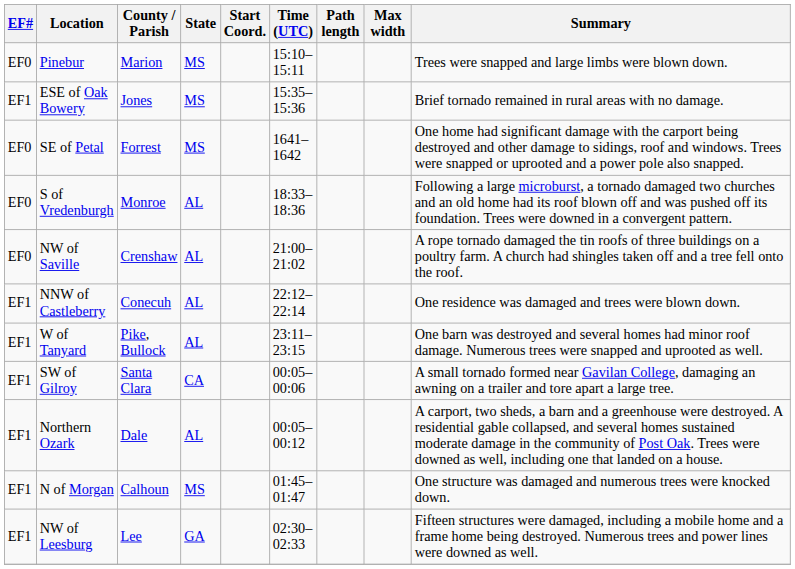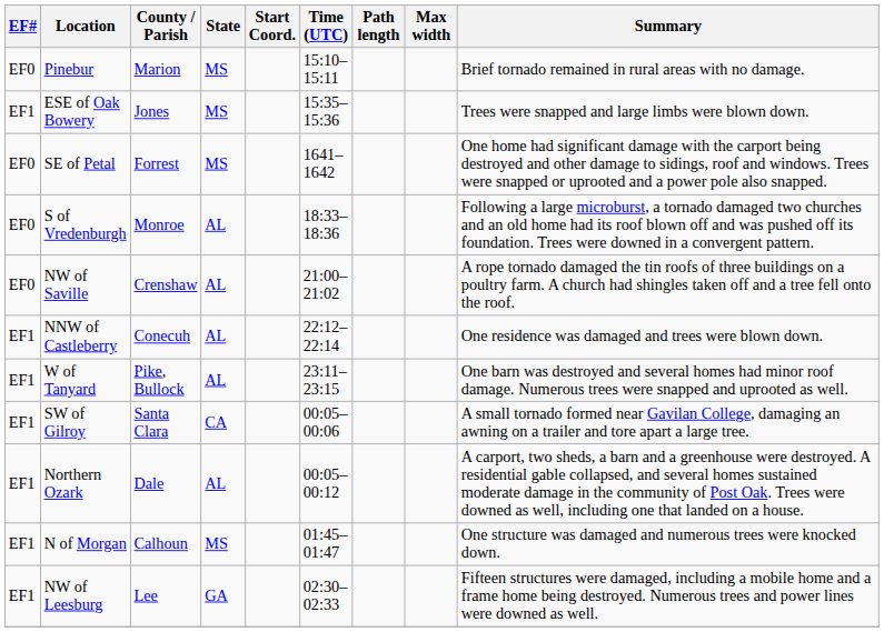 <table class="wikitable sortable" style="width:100%;">
 <tr>
 <th scope="col"  style="width:3%; text-align:center;"><a href='#'>EF#</a></th>
 <th scope="col"  style="width:7%; text-align:center;" class="unsortable">Location</th>
 <th scope="col"  style="width:6%; text-align:center;" class="unsortable">County / Parish</th>
 <th scope="col"  style="width:5%; text-align:center;">State</th>
 <th scope="col"  style="width:6%; text-align:center;">Start Coord.</th>
 <th scope="col"  style="width:6%; text-align:center;">Time (<a href='#'>UTC</a>)</th>
 <th scope="col"  style="width:6%; text-align:center;">Path length</th>
 <th scope="col"  style="width:6%; text-align:center;">Max width</th>
 <th scope="col" class="unsortable" style="width:48%; text-align:center;">Summary</th>
 </tr>
 <tr>
 <td>EF0</td>
 <td><a href='#'>Pinebur</a></td>
 <td><a href='#'>Marion</a></td>
 <td><a href='#'>MS</a></td>
 <td></td>
 <td>15:10–15:11</td>
 <td></td>
 <td></td>
-<td>Trees were snapped and large limbs were blown down.</td>
+<td>Brief tornado remained in rural areas with no damage.</td>
 </tr>
 <tr>
 <td>EF1</td>
 <td>ESE of <a href='#'>Oak Bowery</a></td>
 <td><a href='#'>Jones</a></td>
 <td><a href='#'>MS</a></td>
 <td></td>
 <td>15:35–15:36</td>
 <td></td>
 <td></td>
-<td>Brief tornado remained in rural areas with no damage.</td>
+<td>Trees were snapped and large limbs were blown down.</td>
 </tr>
 <tr>
 <td>EF0</td>
 <td>SE of <a href='#'>Petal</a></td>
 <td><a href='#'>Forrest</a></td>
 <td><a href='#'>MS</a></td>
 <td></td>
 <td>1641–1642</td>
 <td></td>
 <td></td>
 <td>One home had significant damage with the carport being destroyed and other damage to sidings, roof and windows. Trees were snapped or uprooted and a power pole also snapped.</td>
 </tr>
 <tr>
 <td>EF0</td>
 <td>S of <a href='#'>Vredenburgh</a></td>
 <td><a href='#'>Monroe</a></td>
 <td><a href='#'>AL</a></td>
 <td></td>
 <td>18:33–18:36</td>
 <td></td>
 <td></td>
 <td>Following a large <a href='#'>microburst</a>, a tornado damaged two churches and an old home had its roof blown off and was pushed off its foundation. Trees were downed in a convergent pattern.</td>
 </tr>
 <tr>
 <td>EF0</td>
 <td>NW of <a href='#'>Saville</a></td>
 <td><a href='#'>Crenshaw</a></td>
 <td><a href='#'>AL</a></td>
 <td></td>
 <td>21:00–21:02</td>
 <td></td>
 <td></td>
 <td>A rope tornado damaged the tin roofs of three buildings on a poultry farm. A church had shingles taken off and a tree fell onto the roof.</td>
 </tr>
 <tr>
 <td>EF1</td>
 <td>NNW of <a href='#'>Castleberry</a></td>
 <td><a href='#'>Conecuh</a></td>
 <td><a href='#'>AL</a></td>
 <td></td>
 <td>22:12–22:14</td>
 <td></td>
 <td></td>
 <td>One residence was damaged and trees were blown down.</td>
 </tr>
 <tr>
 <td>EF1</td>
 <td>W of <a href='#'>Tanyard</a></td>
 <td><a href='#'>Pike</a>, <a href='#'>Bullock</a></td>
 <td><a href='#'>AL</a></td>
 <td></td>
 <td>23:11–23:15</td>
 <td></td>
 <td></td>
 <td>One barn was destroyed and several homes had minor roof damage. Numerous trees were snapped and uprooted as well.</td>
 </tr>
 <tr>
 <td>EF1</td>
 <td>SW of <a href='#'>Gilroy</a></td>
 <td><a href='#'>Santa Clara</a></td>
 <td><a href='#'>CA</a></td>
 <td></td>
 <td>00:05–00:06</td>
 <td></td>
 <td></td>
 <td>A small tornado formed near <a href='#'>Gavilan College</a>, damaging an awning on a trailer and tore apart a large tree.</td>
 </tr>
 <tr>
 <td>EF1</td>
 <td>Northern <a href='#'>Ozark</a></td>
 <td><a href='#'>Dale</a></td>
 <td><a href='#'>AL</a></td>
 <td></td>
 <td>00:05–00:12</td>
 <td></td>
 <td></td>
 <td>A carport, two sheds, a barn and a greenhouse were destroyed. A residential gable collapsed, and several homes sustained moderate damage in the community of <a href='#'>Post Oak</a>. Trees were downed as well, including one that landed on a house.</td>
 </tr>
 <tr>
 <td>EF1</td>
 <td>N of <a href='#'>Morgan</a></td>
 <td><a href='#'>Calhoun</a></td>
 <td><a href='#'>MS</a></td>
 <td></td>
 <td>01:45–01:47</td>
 <td></td>
 <td></td>
 <td>One structure was damaged and numerous trees were knocked down.</td>
 </tr>
 <tr>
 <td>EF1</td>
 <td>NW of <a href='#'>Leesburg</a></td>
 <td><a href='#'>Lee</a></td>
 <td><a href='#'>GA</a></td>
 <td></td>
 <td>02:30–02:33</td>
 <td></td>
 <td></td>
 <td>Fifteen structures were damaged, including a mobile home and a frame home being destroyed. Numerous trees and power lines were downed as well.</td>
 </tr>
 <tr>
 </tr>
 </table>
